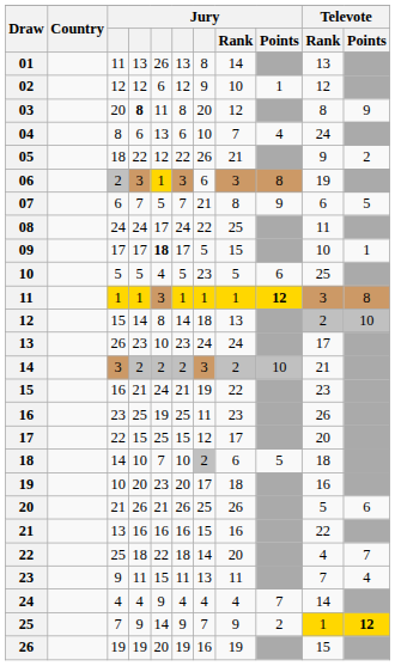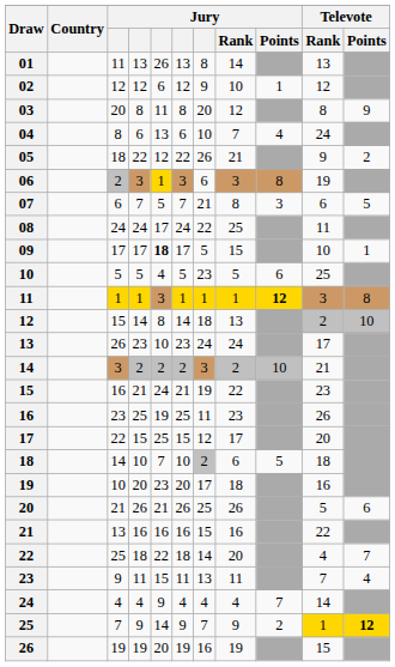 <table class="sortable wikitable collapsible plainrowheaders" style="text-align:center;">
 <tr>
 </tr>
 <tr>
 <th scope="col" rowspan="2">Draw</th>
 <th scope="col" rowspan="2">Country</th>
 <th scope="col" colspan="7">Jury</th>
 <th scope="col" colspan="2">Televote</th>
 </tr>
 <tr>
 <th scope="col"><small></small></th>
 <th scope="col"><small></small></th>
 <th scope="col"><small></small></th>
 <th scope="col"><small></small></th>
 <th scope="col"><small></small></th>
 <th scope="col">Rank</th>
 <th scope="col">Points</th>
 <th scope="col">Rank</th>
 <th scope="col">Points</th>
 </tr>
 <tr>
 <th scope="row" style="text-align:center;">01</th>
 <td style="text-align:left;"></td>
 <td>11</td>
 <td>13</td>
 <td>26</td>
 <td>13</td>
 <td>8</td>
 <td>14</td>
 <td style="background:#AAAAAA;"></td>
 <td>13</td>
 <td style="background:#AAAAAA;"></td>
 </tr>
 <tr>
 <th scope="row" style="text-align:center;">02</th>
 <td style="text-align:left;"></td>
 <td>12</td>
 <td>12</td>
 <td>6</td>
 <td>12</td>
 <td>9</td>
 <td>10</td>
 <td>1</td>
 <td>12</td>
 <td style="background:#AAAAAA;"></td>
 </tr>
 <tr>
 <th scope="row" style="text-align:center;">03</th>
 <td style="text-align:left;"></td>
 <td>20</td>
-<td><strong>8</strong></td>
+<td>8</td>
 <td>11</td>
 <td>8</td>
 <td>20</td>
 <td>12</td>
 <td style="background:#AAAAAA;"></td>
 <td>8</td>
 <td>9</td>
 </tr>
 <tr>
 <th scope="row" style="text-align:center;">04</th>
 <td style="text-align:left;"></td>
 <td>8</td>
 <td>6</td>
 <td>13</td>
 <td>6</td>
 <td>10</td>
 <td>7</td>
 <td>4</td>
 <td>24</td>
 <td style="background:#AAAAAA;"></td>
 </tr>
 <tr>
 <th scope="row" style="text-align:center;">05</th>
 <td style="text-align:left;"></td>
 <td>18</td>
 <td>22</td>
 <td>12</td>
 <td>22</td>
 <td>26</td>
 <td>21</td>
 <td style="background:#AAAAAA;"></td>
 <td>9</td>
 <td>2</td>
 </tr>
 <tr>
 <th scope="row" style="text-align:center;">06</th>
 <td style="text-align:left;"></td>
 <td style="background:silver;">2</td>
 <td style="background:#CC9966;">3</td>
 <td style="background:gold;">1</td>
 <td style="background:#CC9966;">3</td>
 <td>6</td>
 <td style="background:#CC9966;">3</td>
 <td style="background:#CC9966;">8</td>
 <td>19</td>
 <td style="background:#AAAAAA;"></td>
 </tr>
 <tr>
 <th scope="row" style="text-align:center;">07</th>
 <td style="text-align:left;"></td>
 <td>6</td>
 <td>7</td>
 <td>5</td>
 <td>7</td>
 <td>21</td>
 <td>8</td>
-<td>9</td>
+<td>3</td>
 <td>6</td>
 <td>5</td>
 </tr>
 <tr>
 <th scope="row" style="text-align:center;">08</th>
 <td style="text-align:left;"></td>
 <td>24</td>
 <td>24</td>
 <td>17</td>
 <td>24</td>
 <td>22</td>
 <td>25</td>
 <td style="background:#AAAAAA;"></td>
 <td>11</td>
 <td style="background:#AAAAAA;"></td>
 </tr>
 <tr>
 <th scope="row" style="text-align:center;">09</th>
 <td style="text-align:left;"></td>
 <td>17</td>
 <td>17</td>
 <td><strong>18</strong></td>
 <td>17</td>
 <td>5</td>
 <td>15</td>
 <td style="background:#AAAAAA;"></td>
 <td>10</td>
 <td>1</td>
 </tr>
 <tr>
 <th scope="row" style="text-align:center;">10</th>
 <td style="text-align:left;"></td>
 <td>5</td>
 <td>5</td>
 <td>4</td>
 <td>5</td>
 <td>23</td>
 <td>5</td>
 <td>6</td>
 <td>25</td>
 <td style="background:#AAAAAA;"></td>
 </tr>
 <tr>
 <th scope="row" style="text-align:center;">11</th>
 <td style="text-align:left;"></td>
 <td style="background:gold;">1</td>
 <td style="background:gold;">1</td>
 <td style="background:#CC9966;">3</td>
 <td style="background:gold;">1</td>
 <td style="background:gold;">1</td>
 <td style="background:gold;">1</td>
 <td style="background:gold;"><strong>12</strong></td>
 <td style="background:#CC9966;">3</td>
 <td style="background:#CC9966;">8</td>
 </tr>
 <tr>
 <th scope="row" style="text-align:center;">12</th>
 <td style="text-align:left;"></td>
 <td>15</td>
 <td>14</td>
 <td>8</td>
 <td>14</td>
 <td>18</td>
 <td>13</td>
 <td style="background:#AAAAAA;"></td>
 <td style="background:silver;">2</td>
 <td style="background:silver;">10</td>
 </tr>
 <tr>
 <th scope="row" style="text-align:center;">13</th>
 <td style="text-align:left;"></td>
 <td>26</td>
 <td>23</td>
 <td>10</td>
 <td>23</td>
 <td>24</td>
 <td>24</td>
 <td style="background:#AAAAAA;"></td>
 <td>17</td>
 <td style="background:#AAAAAA;"></td>
 </tr>
 <tr>
 <th scope="row" style="text-align:center;">14</th>
 <td style="text-align:left;"></td>
 <td style="background:#CC9966;">3</td>
 <td style="background:silver;">2</td>
 <td style="background:silver;">2</td>
 <td style="background:silver;">2</td>
 <td style="background:#CC9966;">3</td>
 <td style="background:silver;">2</td>
 <td style="background:silver;">10</td>
 <td>21</td>
 <td style="background:#AAAAAA;"></td>
 </tr>
 <tr>
 <th scope="row" style="text-align:center;">15</th>
 <td style="text-align:left;"></td>
 <td>16</td>
 <td>21</td>
 <td>24</td>
 <td>21</td>
 <td>19</td>
 <td>22</td>
 <td style="background:#AAAAAA;"></td>
 <td>23</td>
 <td style="background:#AAAAAA;"></td>
 </tr>
 <tr>
 <th scope="row" style="text-align:center;">16</th>
 <td style="text-align:left;"></td>
 <td>23</td>
 <td>25</td>
 <td>19</td>
 <td>25</td>
 <td>11</td>
 <td>23</td>
 <td style="background:#AAAAAA;"></td>
 <td>26</td>
 <td style="background:#AAAAAA;"></td>
 </tr>
 <tr>
 <th scope="row" style="text-align:center;">17</th>
 <td style="text-align:left;"></td>
 <td>22</td>
 <td>15</td>
 <td>25</td>
 <td>15</td>
 <td>12</td>
 <td>17</td>
 <td style="background:#AAAAAA;"></td>
 <td>20</td>
 <td style="background:#AAAAAA;"></td>
 </tr>
 <tr>
 <th scope="row" style="text-align:center;">18</th>
 <td style="text-align:left;"></td>
 <td>14</td>
 <td>10</td>
 <td>7</td>
 <td>10</td>
 <td style="background:silver;">2</td>
 <td>6</td>
 <td>5</td>
 <td>18</td>
 <td style="background:#AAAAAA;"></td>
 </tr>
 <tr>
 <th scope="row" style="text-align:center;">19</th>
 <td style="text-align:left;"></td>
 <td>10</td>
 <td>20</td>
 <td>23</td>
 <td>20</td>
 <td>17</td>
 <td>18</td>
 <td style="background:#AAAAAA;"></td>
 <td>16</td>
 <td style="background:#AAAAAA;"></td>
 </tr>
 <tr>
 <th scope="row" style="text-align:center;">20</th>
 <td style="text-align:left;"></td>
 <td>21</td>
 <td>26</td>
 <td>21</td>
 <td>26</td>
 <td>25</td>
 <td>26</td>
 <td style="background:#AAAAAA;"></td>
 <td>5</td>
 <td>6</td>
 </tr>
 <tr>
 <th scope="row" style="text-align:center;">21</th>
 <td style="text-align:left;"></td>
 <td>13</td>
 <td>16</td>
 <td>16</td>
 <td>16</td>
 <td>15</td>
 <td>16</td>
 <td style="background:#AAAAAA;"></td>
 <td>22</td>
 <td style="background:#AAAAAA;"></td>
 </tr>
 <tr>
 <th scope="row" style="text-align:center;">22</th>
 <td style="text-align:left;"></td>
 <td>25</td>
 <td>18</td>
 <td>22</td>
 <td>18</td>
 <td>14</td>
 <td>20</td>
 <td style="background:#AAAAAA;"></td>
 <td>4</td>
 <td>7</td>
 </tr>
 <tr>
 <th scope="row" style="text-align:center;">23</th>
 <td style="text-align:left;"></td>
 <td>9</td>
 <td>11</td>
 <td>15</td>
 <td>11</td>
 <td>13</td>
 <td>11</td>
 <td style="background:#AAAAAA;"></td>
 <td>7</td>
 <td>4</td>
 </tr>
 <tr>
 <th scope="row" style="text-align:center;">24</th>
 <td style="text-align:left;"></td>
 <td>4</td>
 <td>4</td>
 <td>9</td>
 <td>4</td>
 <td>4</td>
 <td>4</td>
 <td>7</td>
 <td>14</td>
 <td style="background:#AAAAAA;"></td>
 </tr>
 <tr>
 <th scope="row" style="text-align:center;">25</th>
 <td style="text-align:left;"></td>
 <td>7</td>
 <td>9</td>
 <td>14</td>
 <td>9</td>
 <td>7</td>
 <td>9</td>
 <td>2</td>
 <td style="background:gold;">1</td>
 <td style="background:gold;"><strong>12</strong></td>
 </tr>
 <tr>
 <th scope="row" style="text-align:center;">26</th>
 <td style="text-align:left;"></td>
 <td>19</td>
 <td>19</td>
 <td>20</td>
 <td>19</td>
 <td>16</td>
 <td>19</td>
 <td style="background:#AAAAAA;"></td>
 <td>15</td>
 <td style="background:#AAAAAA;"></td>
 </tr>
 </table>
